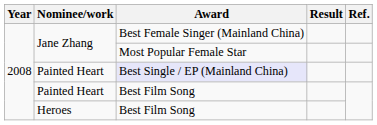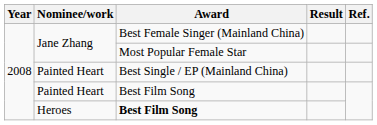 <table class="wikitable">
 <tr>
 <th>Year</th>
 <th>Nominee/work</th>
 <th>Award</th>
 <th><strong>Result</strong></th>
 <th>Ref.</th>
 </tr>
 <tr>
 <td rowspan="5">2008</td>
 <td rowspan="2">Jane Zhang</td>
 <td>Best Female Singer (Mainland China)</td>
 <td></td>
 <td></td>
 </tr>
 <tr>
 <td>Most Popular Female Star</td>
 <td></td>
 <td></td>
 </tr>
 <tr>
 <td>Painted Heart</td>
-<td style="background: lavender;">Best Single / EP (Mainland China)</td>
+<td>Best Single / EP (Mainland China)</td>
 <td></td>
 <td></td>
 </tr>
 <tr>
 <td>Painted Heart</td>
 <td>Best Film Song</td>
 <td></td>
 <td rowspan="2"></td>
 </tr>
 <tr>
 <td>Heroes</td>
-<td>Best Film Song</td>
+<td><strong>Best Film Song</strong></td>
 <td></td>
 </tr>
 </table>
